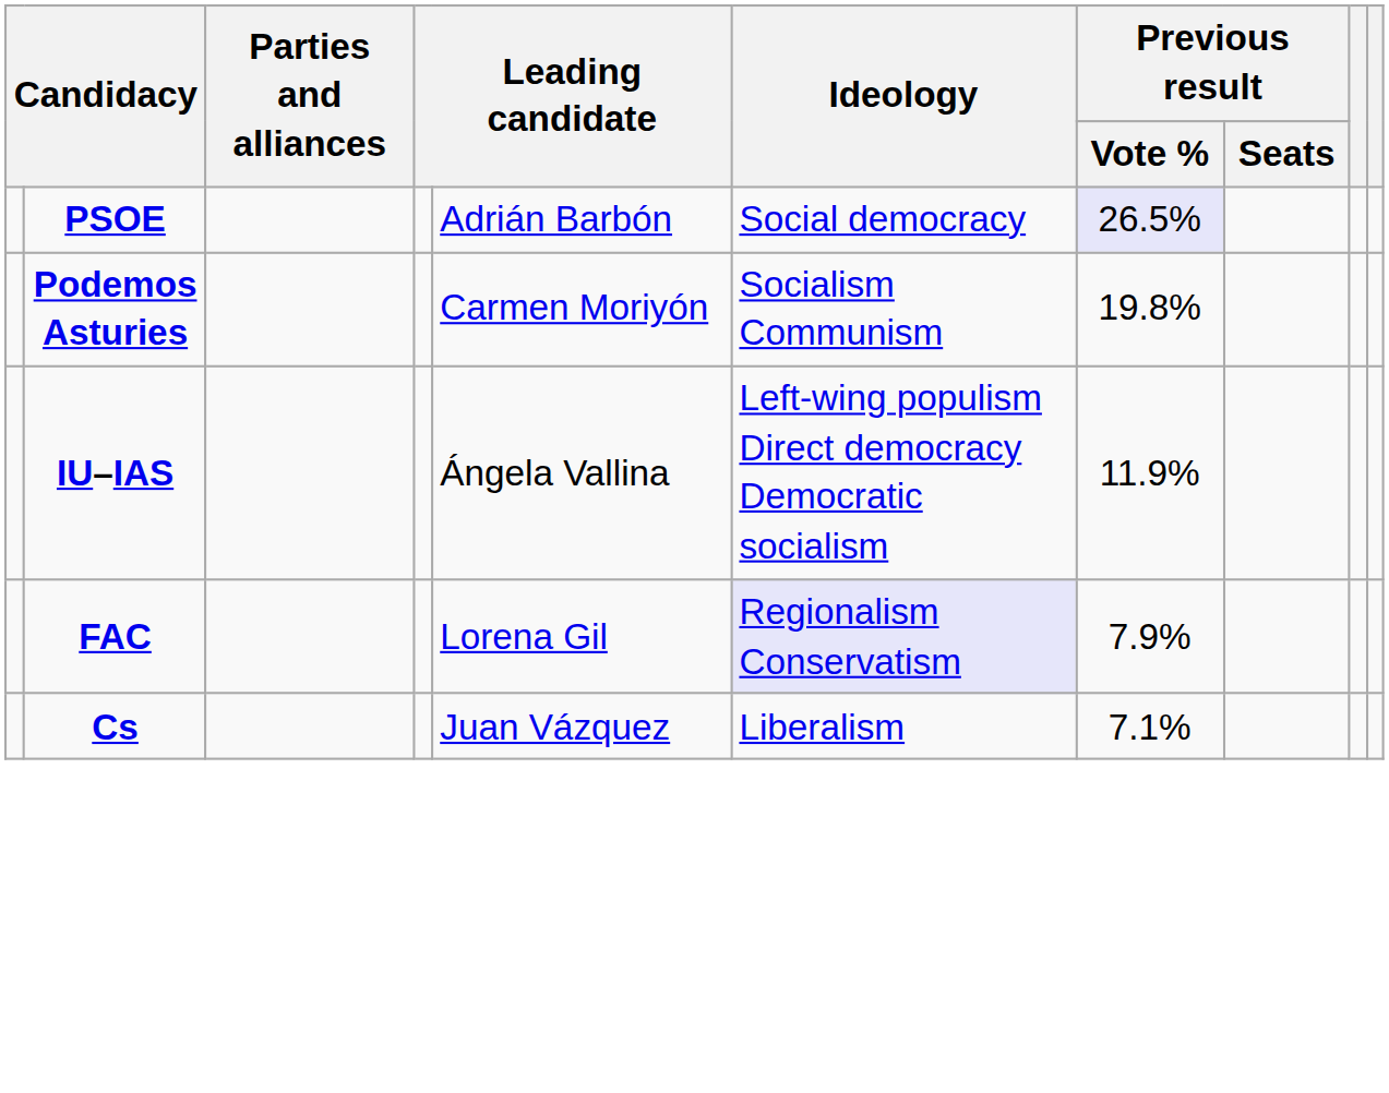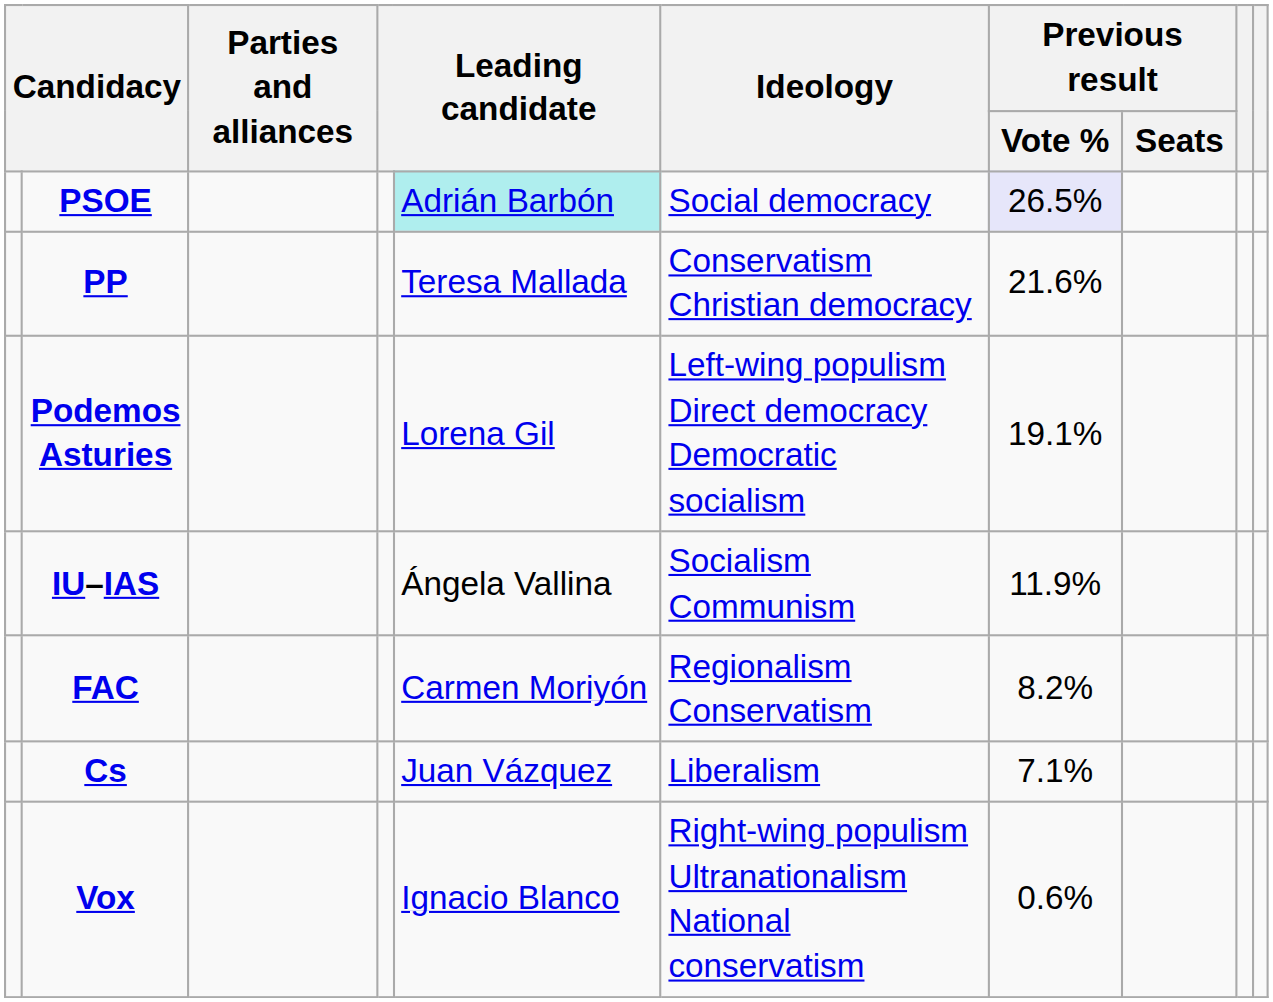 <table class="wikitable" style="line-height:1.35em; text-align:left;">
 <tr>
 <th colspan="2" rowspan="2">Candidacy</th>
 <th rowspan="2">Parties and<br>alliances</th>
 <th colspan="2" rowspan="2">Leading candidate</th>
 <th rowspan="2">Ideology</th>
 <th colspan="2">Previous result</th>
 <th rowspan="2"></th>
 <th rowspan="2"></th>
 </tr>
 <tr>
 <th>Vote %</th>
 <th>Seats</th>
 </tr>
 <tr>
 <td width="1" style="color:inherit;background:"></td>
 <td align="center"><strong><a href='#'>PSOE</a></strong></td>
 <td></td>
 <td></td>
-<td><a href='#'>Adrián Barbón</a></td>
+<td style="background: paleturquoise;"><a href='#'>Adrián Barbón</a></td>
 <td><a href='#'>Social democracy</a></td>
 <td align="center" style="background: lavender;">26.5%</td>
+<td></td>
+<td></td>
+<td></td>
+</tr>
+<tr>
+<td style="color:inherit;background:"></td>
+<td align="center"><strong><a href='#'>PP</a></strong></td>
+<td></td>
+<td></td>
+<td><a href='#'>Teresa Mallada</a></td>
+<td><a href='#'>Conservatism</a><br><a href='#'>Christian democracy</a></td>
+<td align="center">21.6%</td>
 <td></td>
 <td></td>
 <td></td>
 </tr>
 <tr>
 <td style="color:inherit;background:"></td>
 <td align="center"><strong><a href='#'>Podemos<br>Asturies</a></strong></td>
 <td></td>
 <td></td>
-<td><a href='#'>Carmen Moriyón</a></td>
-<td><a href='#'>Socialism</a><br><a href='#'>Communism</a></td>
-<td align="center">19.8%</td>
+<td><a href='#'>Lorena Gil</a></td>
+<td><a href='#'>Left-wing populism</a><br><a href='#'>Direct democracy</a><br><a href='#'>Democratic socialism</a></td>
+<td align="center">19.1%</td>
 <td></td>
 <td></td>
 <td></td>
 </tr>
 <tr>
 <td style="color:inherit;background:"></td>
 <td align="center"><strong><a href='#'>IU</a>–<a href='#'>IAS</a></strong></td>
 <td></td>
 <td></td>
 <td>Ángela Vallina</td>
-<td><a href='#'>Left-wing populism</a><br><a href='#'>Direct democracy</a><br><a href='#'>Democratic socialism</a></td>
+<td><a href='#'>Socialism</a><br><a href='#'>Communism</a></td>
 <td align="center">11.9%</td>
 <td></td>
 <td></td>
 <td><br></td>
 </tr>
 <tr>
 <td style="color:inherit;background:"></td>
 <td align="center"><strong><a href='#'>FAC</a></strong></td>
 <td></td>
 <td></td>
-<td><a href='#'>Lorena Gil</a></td>
-<td style="background: lavender;"><a href='#'>Regionalism</a><br><a href='#'>Conservatism</a></td>
-<td align="center">7.9%</td>
+<td><a href='#'>Carmen Moriyón</a></td>
+<td><a href='#'>Regionalism</a><br><a href='#'>Conservatism</a></td>
+<td align="center">8.2%</td>
 <td></td>
 <td></td>
 <td></td>
 </tr>
 <tr>
 <td style="color:inherit;background:"></td>
 <td align="center"><strong><a href='#'>Cs</a></strong></td>
 <td></td>
 <td></td>
 <td><a href='#'>Juan Vázquez</a></td>
 <td><a href='#'>Liberalism</a></td>
 <td align="center">7.1%</td>
 <td></td>
 <td></td>
 <td></td>
 </tr>
+<tr>
+<td style="color:inherit;background:"></td>
+<td align="center"><strong><a href='#'>Vox</a></strong></td>
+<td></td>
+<td></td>
+<td><a href='#'>Ignacio Blanco</a></td>
+<td><a href='#'>Right-wing populism</a><br><a href='#'>Ultranationalism</a><br><a href='#'>National conservatism</a></td>
+<td align="center">0.6%</td>
+<td></td>
+<td></td>
+<td><br></td>
+</tr>
 </table>
